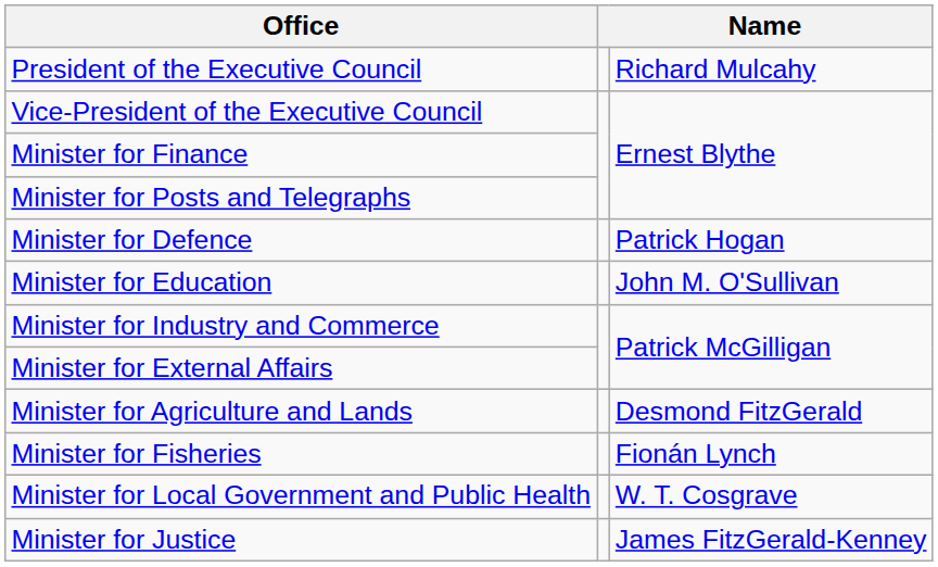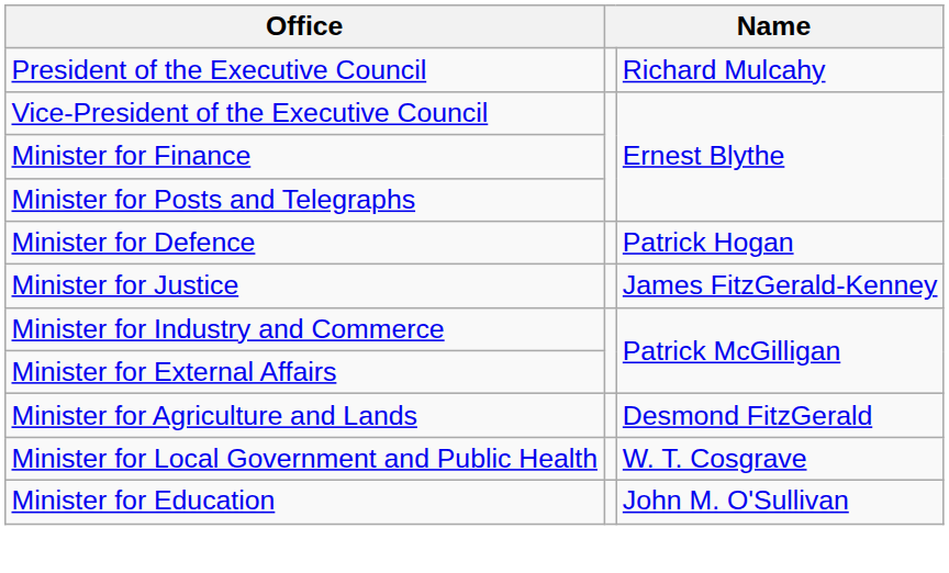 <table class="wikitable">
 <tr>
 <th>Office</th>
 <th colspan="2">Name</th>
 </tr>
 <tr>
 <td><a href='#'>President of the Executive Council</a></td>
 <td style="background-color: "></td>
 <td><a href='#'>Richard Mulcahy</a></td>
 </tr>
 <tr>
 <td><a href='#'>Vice-President of the Executive Council</a></td>
 <td rowspan=3 style="background-color: "></td>
 <td rowspan=3><a href='#'>Ernest Blythe</a></td>
 </tr>
 <tr>
 <td><a href='#'>Minister for Finance</a></td>
 </tr>
 <tr>
 <td><a href='#'>Minister for Posts and Telegraphs</a></td>
 </tr>
 <tr>
 <td><a href='#'>Minister for Defence</a></td>
 <td style="background-color: "></td>
 <td><a href='#'>Patrick Hogan</a></td>
 </tr>
 <tr>
-<td><a href='#'>Minister for Education</a></td>
+<td><a href='#'>Minister for Justice</a></td>
 <td style="background-color: "></td>
-<td><a href='#'>John M. O'Sullivan</a></td>
+<td><a href='#'>James FitzGerald-Kenney</a></td>
 </tr>
 <tr>
 <td><a href='#'>Minister for Industry and Commerce</a></td>
 <td rowspan=2 style="background-color: "></td>
 <td rowspan=2><a href='#'>Patrick McGilligan</a></td>
 </tr>
 <tr>
 <td><a href='#'>Minister for External Affairs</a></td>
 </tr>
 <tr>
 <td><a href='#'>Minister for Agriculture and Lands</a></td>
 <td style="background-color: "></td>
 <td><a href='#'>Desmond FitzGerald</a></td>
 </tr>
 <tr>
-<td><a href='#'>Minister for Fisheries</a></td>
-<td style="background-color: "></td>
-<td><a href='#'>Fionán Lynch</a></td>
-</tr>
-<tr>
 <td><a href='#'>Minister for Local Government and Public Health</a></td>
 <td style="background-color: "></td>
 <td><a href='#'>W. T. Cosgrave</a></td>
 </tr>
 <tr>
-<td><a href='#'>Minister for Justice</a></td>
+<td><a href='#'>Minister for Education</a></td>
 <td style="background-color: "></td>
-<td><a href='#'>James FitzGerald-Kenney</a></td>
+<td><a href='#'>John M. O'Sullivan</a></td>
 </tr>
 </table>
